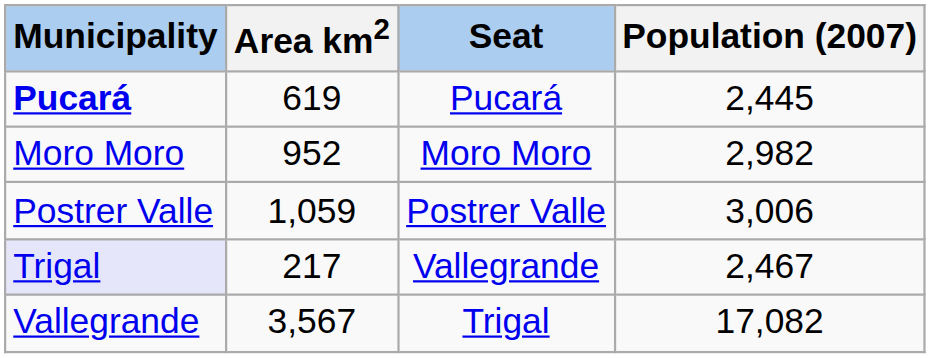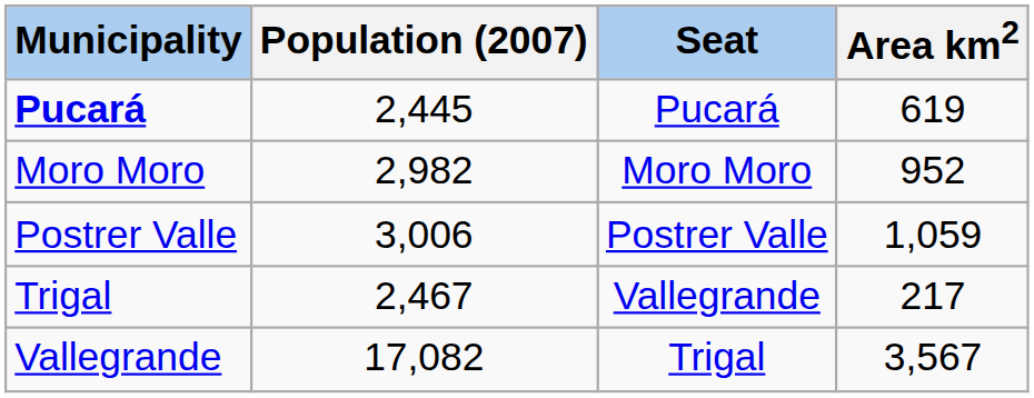 <table class="wikitable sortable">
 <tr>
 <th align="center" style="background-color:#ABCDEF">Municipality</th>
+<th>Population (2007)</th>
+<th align="center" style="background-color:#ABCDEF">Seat</th>
 <th>Area km<sup>2</sup></th>
-<th align="center" style="background-color:#ABCDEF">Seat</th>
-<th>Population (2007)</th>
 </tr>
 <tr>
 <td><strong><a href='#'>Pucará</a></strong></td>
+<td align=center>2,445</td>
+<td align=center><a href='#'>Pucará</a></td>
 <td align=center>619</td>
-<td align=center><a href='#'>Pucará</a></td>
-<td align=center>2,445</td>
 </tr>
 <tr>
 <td><a href='#'>Moro Moro</a></td>
+<td align=center>2,982</td>
+<td align=center><a href='#'>Moro Moro</a></td>
 <td align=center>952</td>
-<td align=center><a href='#'>Moro Moro</a></td>
-<td align=center>2,982</td>
 </tr>
 <tr>
 <td><a href='#'>Postrer Valle</a></td>
+<td align=center>3,006</td>
+<td align=center><a href='#'>Postrer Valle</a></td>
 <td align=center>1,059</td>
-<td align=center><a href='#'>Postrer Valle</a></td>
-<td align=center>3,006</td>
 </tr>
 <tr>
-<td style="background: lavender;"><a href='#'>Trigal</a></td>
+<td><a href='#'>Trigal</a></td>
+<td align=center>2,467</td>
+<td align=center><a href='#'>Vallegrande</a></td>
 <td align=center>217</td>
-<td align=center><a href='#'>Vallegrande</a></td>
-<td align=center>2,467</td>
 </tr>
 <tr>
 <td><a href='#'>Vallegrande</a></td>
+<td align=center>17,082</td>
+<td align=center><a href='#'>Trigal</a></td>
 <td align=center>3,567</td>
-<td align=center><a href='#'>Trigal</a></td>
-<td align=center>17,082</td>
 </tr>
 </table>
